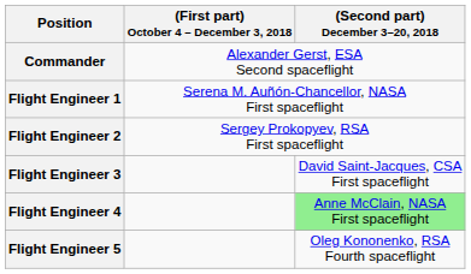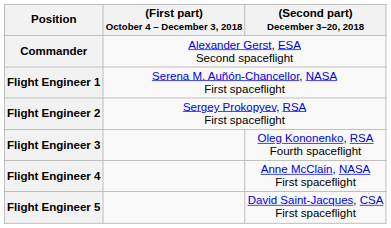 <table class="wikitable">
 <tr>
 <th>Position</th>
 <th>(First part)<br><small>October 4 – December 3, 2018</small></th>
 <th>(Second part)<br><small>December 3–20, 2018</small></th>
 </tr>
 <tr>
 <th>Commander</th>
 <td colspan=2 align=center> <a href='#'>Alexander Gerst</a>, <a href='#'>ESA</a><br>Second spaceflight</td>
 </tr>
 <tr>
 <th>Flight Engineer 1</th>
 <td colspan=2 align=center> <a href='#'>Serena M. Auñón-Chancellor</a>, <a href='#'>NASA</a><br>First spaceflight</td>
 </tr>
 <tr>
 <th>Flight Engineer 2</th>
 <td colspan=2 align=center> <a href='#'>Sergey Prokopyev</a>, <a href='#'>RSA</a><br>First spaceflight</td>
 </tr>
 <tr>
 <th>Flight Engineer 3</th>
 <td> </td>
-<td align="center"> <a href='#'>David Saint-Jacques</a>, <a href='#'>CSA</a><br>First spaceflight</td>
+<td align=center> <a href='#'>Oleg Kononenko</a>, <a href='#'>RSA</a><br>Fourth spaceflight</td>
 </tr>
 <tr>
 <th>Flight Engineer 4</th>
 <td> </td>
-<td align="center" style="background: lightgreen;"> <a href='#'>Anne McClain</a>, <a href='#'>NASA</a><br>First spaceflight</td>
+<td align="center"> <a href='#'>Anne McClain</a>, <a href='#'>NASA</a><br>First spaceflight</td>
 </tr>
 <tr>
 <th>Flight Engineer 5</th>
 <td> </td>
-<td align=center> <a href='#'>Oleg Kononenko</a>, <a href='#'>RSA</a><br>Fourth spaceflight</td>
+<td align="center"> <a href='#'>David Saint-Jacques</a>, <a href='#'>CSA</a><br>First spaceflight</td>
 </tr>
 </table>
